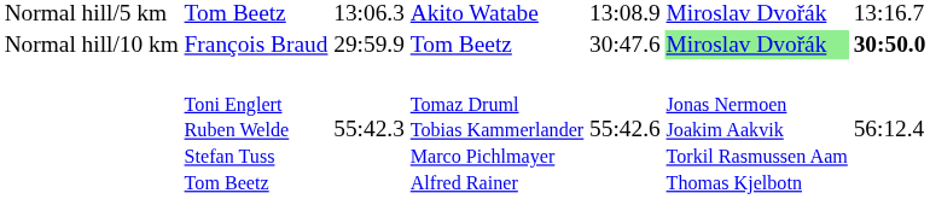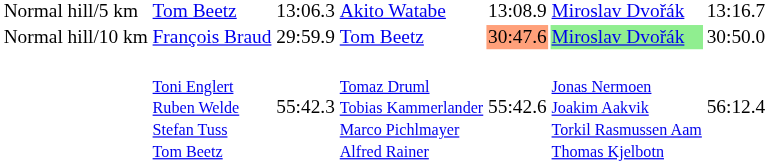 <table>
 <tr>
 <td>Normal hill/5 km</td>
 <td><a href='#'>Tom Beetz</a><br></td>
 <td>13:06.3</td>
 <td><a href='#'>Akito Watabe</a><br></td>
 <td>13:08.9</td>
 <td><a href='#'>Miroslav Dvořák</a><br></td>
 <td>13:16.7</td>
 </tr>
 <tr>
 <td>Normal hill/10 km</td>
 <td><a href='#'>François Braud</a><br></td>
 <td>29:59.9</td>
 <td><a href='#'>Tom Beetz</a><br></td>
-<td>30:47.6</td>
+<td style="background: lightsalmon;">30:47.6</td>
 <td style="background: lightgreen;"><a href='#'>Miroslav Dvořák</a><br></td>
-<td><strong>30:50.0</strong></td>
+<td>30:50.0</td>
 </tr>
 <tr>
 <td></td>
 <td><br><small><a href='#'>Toni Englert</a><br><a href='#'>Ruben Welde</a><br><a href='#'>Stefan Tuss</a><br><a href='#'>Tom Beetz</a></small></td>
 <td>55:42.3</td>
 <td><br><small><a href='#'>Tomaz Druml</a><br><a href='#'>Tobias Kammerlander</a><br><a href='#'>Marco Pichlmayer</a><br><a href='#'>Alfred Rainer</a></small></td>
 <td>55:42.6</td>
 <td><br><small><a href='#'>Jonas Nermoen</a><br><a href='#'>Joakim Aakvik</a><br><a href='#'>Torkil Rasmussen Aam</a><br><a href='#'>Thomas Kjelbotn</a></small></td>
 <td>56:12.4</td>
 </tr>
 <tr>
 </tr>
 </table>
